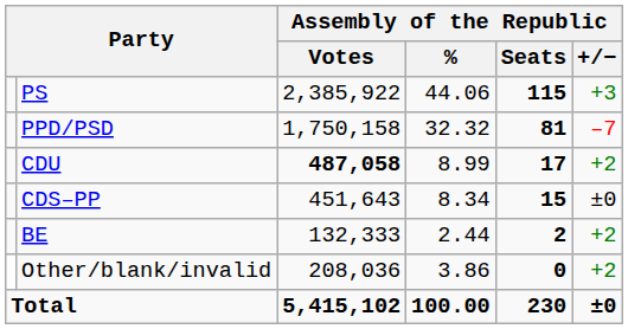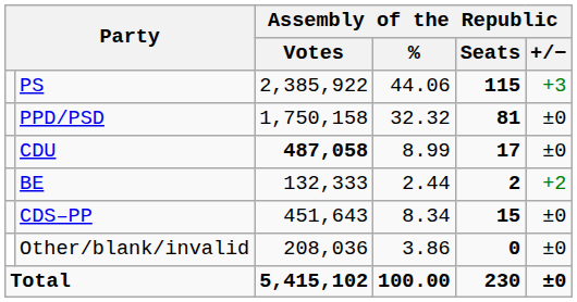 <table class="wikitable" style="text-align:right; font-size:95%;">
 <tr>
 <th colspan="2" rowspan="2">Party</th>
 <th colspan="4">Assembly of the Republic</th>
 </tr>
 <tr>
 <th>Votes</th>
 <th>%</th>
 <th>Seats</th>
 <th>+/−</th>
 </tr>
 <tr>
 <td style="background:"></td>
 <td align="left"><a href='#'>PS</a></td>
 <td>2,385,922</td>
 <td>44.06</td>
 <td><strong>115</strong></td>
 <td style="color:green;">+3</td>
 </tr>
 <tr>
 <td style="background:"></td>
 <td align="left"><a href='#'>PPD/PSD</a></td>
 <td>1,750,158</td>
 <td>32.32</td>
 <td><strong>81</strong></td>
-<td style="color:red;">–7</td>
+<td>±0</td>
 </tr>
 <tr>
 <td style="background:"></td>
 <td align="left"><a href='#'>CDU</a></td>
 <td><strong>487,058</strong></td>
 <td>8.99</td>
 <td><strong>17</strong></td>
+<td>±0</td>
+</tr>
+<tr>
+<td style="background:"></td>
+<td align="left"><a href='#'>BE</a></td>
+<td>132,333</td>
+<td>2.44</td>
+<td><strong>2</strong></td>
 <td style="color:green;">+2</td>
 </tr>
 <tr>
 <td style="background:"></td>
 <td align="left"><a href='#'>CDS–PP</a></td>
 <td>451,643</td>
 <td>8.34</td>
 <td><strong>15</strong></td>
 <td>±0</td>
 </tr>
 <tr>
-<td style="background:"></td>
-<td align="left"><a href='#'>BE</a></td>
-<td>132,333</td>
-<td>2.44</td>
-<td><strong>2</strong></td>
-<td style="color:green;">+2</td>
-</tr>
-<tr>
 <td style="background:white;"></td>
 <td align="left">Other/blank/invalid</td>
 <td>208,036</td>
 <td>3.86</td>
 <td><strong>0</strong></td>
-<td style="color:green;">+2</td>
+<td>±0</td>
 </tr>
 <tr style="font-weight:bold">
 <td colspan="2" align="left">Total</td>
 <td>5,415,102</td>
 <td>100.00</td>
 <td>230</td>
 <td>±0</td>
 </tr>
 </table>
